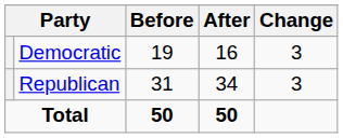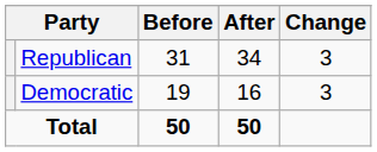 <table class="wikitable" style="text-align:center;">
 <tr>
 </tr>
 <tr>
 <th colspan=2>Party</th>
 <th>Before</th>
 <th>After</th>
 <th>Change</th>
 </tr>
 <tr>
 <th style="background-color:"></th>
-<td style="text-align:left;"><a href='#'>Democratic</a></td>
-<td>19</td>
-<td>16</td>
+<td style="text-align:left;"><a href='#'>Republican</a></td>
+<td>31</td>
+<td>34</td>
 <td> 3</td>
 </tr>
 <tr>
 <th style="background-color:"></th>
-<td style="text-align:left;"><a href='#'>Republican</a></td>
-<td>31</td>
-<td>34</td>
+<td style="text-align:left;"><a href='#'>Democratic</a></td>
+<td>19</td>
+<td>16</td>
 <td> 3</td>
 </tr>
 <tr>
 <td colspan=2><strong>Total</strong></td>
 <td><strong>50</strong></td>
 <td><strong>50</strong></td>
 <td></td>
 </tr>
 </table>
